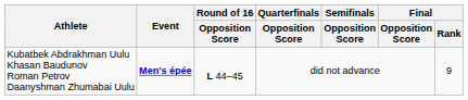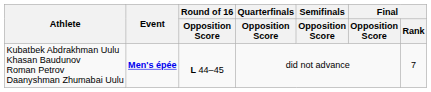 <table class=wikitable style=font-size:90%;text-align:center>
 <tr>
 <th rowspan="2">Athlete</th>
 <th rowspan="2">Event</th>
 <th>Round of 16</th>
 <th>Quarterfinals</th>
 <th>Semifinals</th>
 <th colspan="2">Final</th>
 </tr>
 <tr>
 <th>Opposition<br>Score</th>
 <th>Opposition<br>Score</th>
 <th>Opposition<br>Score</th>
 <th>Opposition<br>Score</th>
 <th>Rank</th>
 </tr>
 <tr>
 <td align=left>Kubatbek Abdrakhman Uulu<br>Khasan Baudunov<br>Roman Petrov<br>Daanyshman Zhumabai Uulu</td>
 <td align=left><strong><a href='#'>Men's épée</a></strong></td>
 <td><br><strong>L</strong> 44–45</td>
 <td colspan=3>did not advance</td>
-<td>9</td>
+<td>7</td>
 </tr>
 </table>
